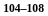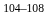 <table style="text-align:center">
 <tr>
 <th width=200></th>
 <th width=100></th>
 <th width=200></th>
 </tr>
 <tr>
 <td align=right></td>
-<td><strong>104–108</strong></td>
+<td>104–108</td>
 <td align=left></td>
 </tr>
 </table>
